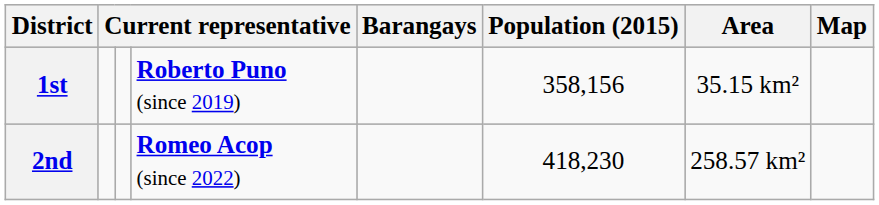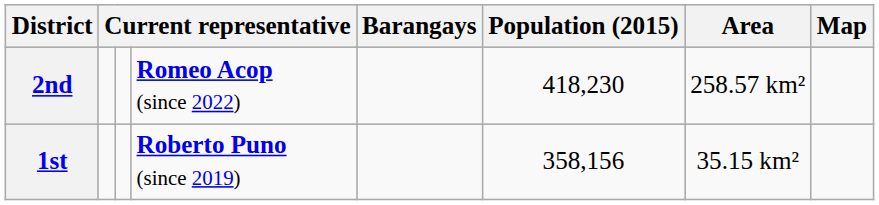 <table class="wikitable sortable" style="margin: 1em auto; font-size:100%; line-height:20px; text-align:center">
 <tr>
 <th>District</th>
 <th colspan="3">Current representative</th>
 <th>Barangays</th>
 <th>Population (2015)</th>
 <th>Area</th>
 <th>Map</th>
+</tr>
+<tr>
+<th><a href='#'>2nd</a></th>
+<td style="background:"></td>
+<td></td>
+<td style="text-align:left;"><strong><a href='#'>Romeo Acop</a></strong><br><small>(since <a href='#'>2022</a>)</small></td>
+<td></td>
+<td>418,230</td>
+<td>258.57 km²</td>
+<td></td>
 </tr>
 <tr>
 <th><a href='#'>1st</a></th>
 <td style="background:"></td>
 <td></td>
 <td style="text-align:left;"><strong><a href='#'>Roberto Puno</a></strong><br><small>(since <a href='#'>2019</a>)</small></td>
 <td></td>
 <td>358,156</td>
 <td>35.15 km²</td>
 <td></td>
 </tr>
-<tr>
-<th><a href='#'>2nd</a></th>
-<td style="background:"></td>
-<td></td>
-<td style="text-align:left;"><strong><a href='#'>Romeo Acop</a></strong><br><small>(since <a href='#'>2022</a>)</small></td>
-<td></td>
-<td>418,230</td>
-<td>258.57 km²</td>
-<td></td>
-</tr>
 </table>
